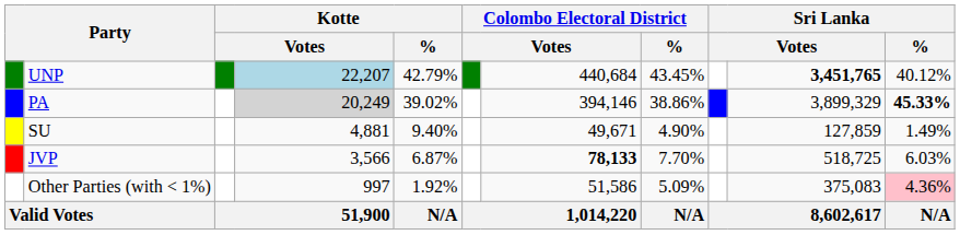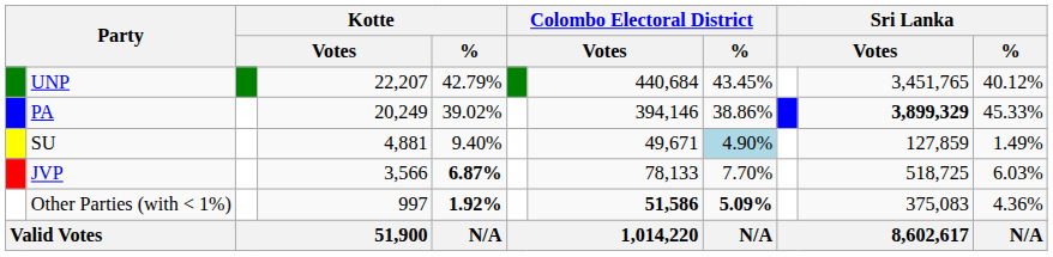 <table class="wikitable">
 <tr>
 <th colspan="2" width="144px"rowspan="2">Party</th>
 <th colspan="3" width="216px">Kotte</th>
 <th colspan="3" width="216px"><a href='#'>Colombo Electoral District</a></th>
 <th colspan="3" width="216px">Sri Lanka</th>
 </tr>
 <tr>
 <th colspan="2" width="144px">Votes</th>
 <th>%</th>
 <th colspan="2" width="144px">Votes</th>
 <th>%</th>
 <th colspan="2" width="144px">Votes</th>
 <th>%</th>
 </tr>
 <tr>
 <td style="background-color:green;" width="10px"></td>
 <td style="text-align:left;"><a href='#'>UNP</a></td>
 <td style="background-color:green;" width="10px"></td>
-<td style="background: lightblue; text-align:right;">22,207</td>
+<td style="text-align:right;">22,207</td>
 <td style="text-align:right;">42.79%</td>
 <td style="background-color:green;" width="10px"></td>
 <td style="text-align:right;">440,684</td>
 <td style="text-align:right;">43.45%</td>
 <td style="background-color:white;" width="10px"></td>
-<td style="text-align:right;"><strong>3,451,765</strong></td>
+<td style="text-align:right;">3,451,765</td>
 <td style="text-align:right;">40.12%</td>
 </tr>
 <tr>
 <td style="background-color:blue;" width="10px"></td>
 <td style="text-align:left;"><a href='#'>PA</a></td>
 <td style="background-color:white;" width="10px"></td>
-<td style="background: lightgrey; text-align:right;">20,249</td>
+<td style="text-align:right;">20,249</td>
 <td style="text-align:right;">39.02%</td>
 <td style="background-color:white;" width="10px"></td>
 <td style="text-align:right;">394,146</td>
 <td style="text-align:right;">38.86%</td>
 <td style="background-color:blue;" width="10px"></td>
-<td style="text-align:right;">3,899,329</td>
-<td style="text-align:right;"><strong>45.33%</strong></td>
+<td style="text-align:right;"><strong>3,899,329</strong></td>
+<td style="text-align:right;">45.33%</td>
 </tr>
 <tr>
 <td style="background-color:yellow;" width="10px"></td>
 <td style="text-align:left;">SU</td>
 <td style="background-color:white;" width="10px"></td>
 <td style="text-align:right;">4,881</td>
 <td style="text-align:right;">9.40%</td>
 <td style="background-color:white;" width="10px"></td>
 <td style="text-align:right;">49,671</td>
-<td style="text-align:right;">4.90%</td>
+<td style="background: lightblue; text-align:right;">4.90%</td>
 <td style="background-color:white;" width="10px"></td>
 <td style="text-align:right;">127,859</td>
 <td style="text-align:right;">1.49%</td>
 </tr>
 <tr>
 <td style="background-color:red;" width="10px"></td>
 <td style="text-align:left;"><a href='#'>JVP</a></td>
 <td style="background-color:white;" width="10px"></td>
 <td style="text-align:right;">3,566</td>
-<td style="text-align:right;">6.87%</td>
+<td style="text-align:right;"><strong>6.87%</strong></td>
 <td style="background-color:white;" width="10px"></td>
-<td style="text-align:right;"><strong>78,133</strong></td>
+<td style="text-align:right;">78,133</td>
 <td style="text-align:right;">7.70%</td>
 <td style="background-color:white;" width="10px"></td>
 <td style="text-align:right;">518,725</td>
 <td style="text-align:right;">6.03%</td>
 </tr>
 <tr>
 <td style="background-color:white;" width="10px"></td>
 <td style="text-align:left;">Other Parties (with < 1%)</td>
 <td style="background-color:white;" width="10px"></td>
 <td style="text-align:right;">997</td>
-<td style="text-align:right;">1.92%</td>
+<td style="text-align:right;"><strong>1.92%</strong></td>
 <td style="background-color:white;" width="10px"></td>
-<td style="text-align:right;">51,586</td>
-<td style="text-align:right;">5.09%</td>
+<td style="text-align:right;"><strong>51,586</strong></td>
+<td style="text-align:right;"><strong>5.09%</strong></td>
 <td style="background-color:white;" width="10px"></td>
 <td style="text-align:right;">375,083</td>
-<td style="background: pink; text-align:right;">4.36%</td>
+<td style="text-align:right;">4.36%</td>
 </tr>
 <tr>
 <th colspan="2" width="144px"style="text-align:left;">Valid Votes</th>
 <th style="text-align:right;"colspan="2" width="144px">51,900</th>
 <th style="text-align:right;">N/A</th>
 <th style="text-align:right;"colspan="2" width="144px">1,014,220</th>
 <th style="text-align:right;">N/A</th>
 <th style="text-align:right;"colspan="2" width="144px">8,602,617</th>
 <th style="text-align:right;">N/A</th>
 </tr>
 </table>
